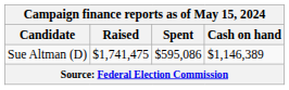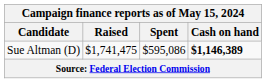 <table class="wikitable sortable">
 <tr>
 <th colspan=4>Campaign finance reports as of May 15, 2024</th>
 </tr>
 <tr style="text-align:center;">
 <th>Candidate</th>
 <th>Raised</th>
 <th>Spent</th>
 <th>Cash on hand</th>
 </tr>
 <tr>
 <td>Sue Altman (D)</td>
 <td>$1,741,475</td>
 <td>$595,086</td>
-<td>$1,146,389</td>
+<td><strong>$1,146,389</strong></td>
 </tr>
 <tr>
 <th colspan="4"><small>Source: <a href='#'>Federal Election Commission</a></small></th>
 </tr>
 </table>
